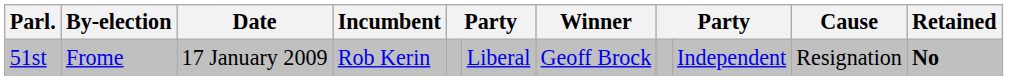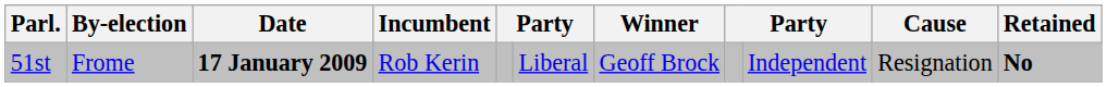 <table class="wikitable">
 <tr>
 <th>Parl.</th>
 <th>By-election</th>
 <th>Date</th>
 <th>Incumbent</th>
 <th colspan=2>Party</th>
 <th>Winner</th>
 <th colspan=2>Party</th>
 <th>Cause</th>
 <th>Retained</th>
 </tr>
 <tr bgcolor=c0c0c0>
 <td><a href='#'>51st</a></td>
 <td><a href='#'>Frome</a></td>
-<td>17 January 2009</td>
+<td><strong>17 January 2009</strong></td>
 <td><a href='#'>Rob Kerin</a></td>
 <td> </td>
 <td><a href='#'>Liberal</a></td>
 <td><a href='#'>Geoff Brock</a></td>
 <td> </td>
 <td><a href='#'>Independent</a></td>
 <td>Resignation</td>
 <td><strong>No</strong></td>
 </tr>
 </table>
